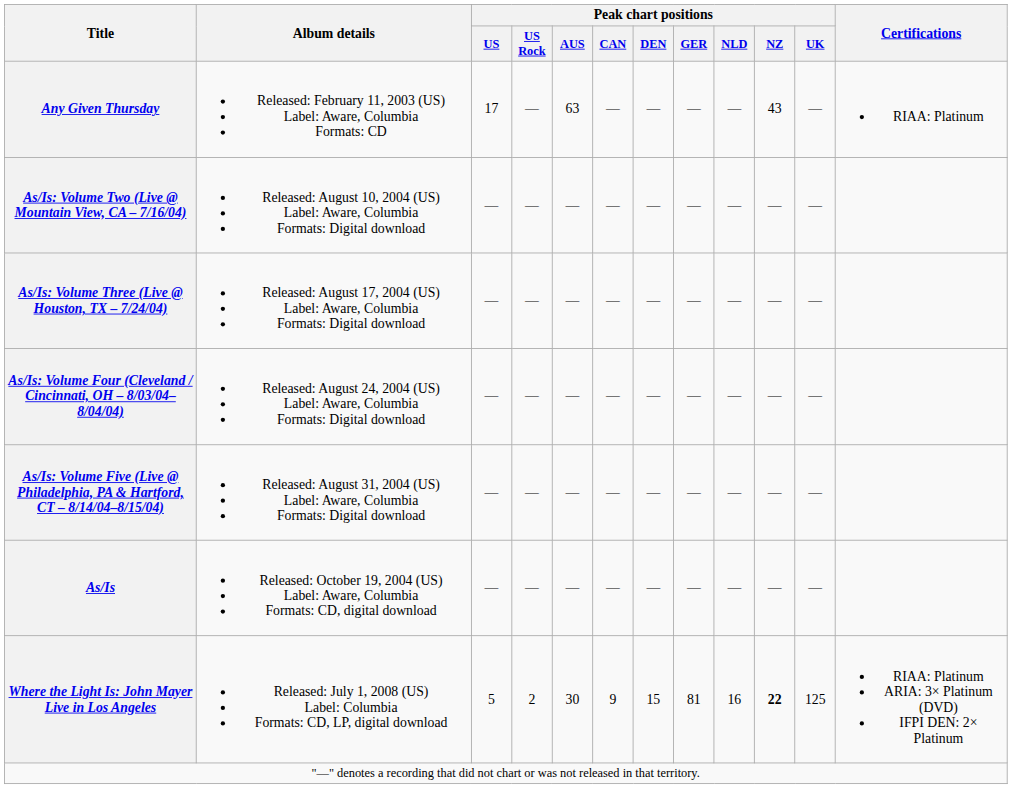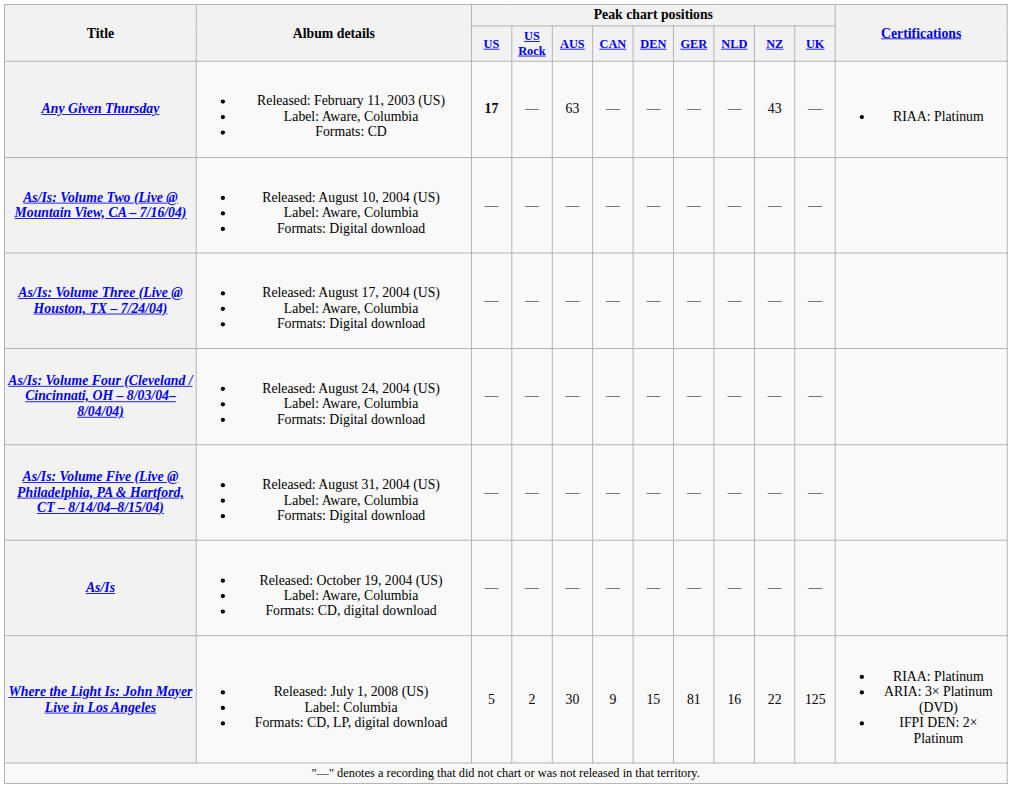 <table class="wikitable plainrowheaders" style="text-align:center;">
 <tr>
 <th scope="col" rowspan="2" style="width:13.5em;">Title</th>
 <th scope="col" rowspan="2" style="width:19.5em;">Album details</th>
 <th scope="col" colspan="9">Peak chart positions</th>
 <th scope="col" rowspan="2" style="width:12em;"><a href='#'>Certifications</a></th>
 </tr>
 <tr>
 <th scope="col" style="width:2.8em;font-size:90%;"><a href='#'>US</a><br></th>
 <th scope="col" style="width:2.8em;font-size:90%;"><a href='#'>US<br>Rock</a><br></th>
 <th scope="col" style="width:2.8em;font-size:90%;"><a href='#'>AUS</a><br></th>
 <th scope="col" style="width:2.8em;font-size:90%;"><a href='#'>CAN</a><br></th>
 <th scope="col" style="width:2.8em;font-size:90%;"><a href='#'>DEN</a><br></th>
 <th scope="col" style="width:2.8em;font-size:90%;"><a href='#'>GER</a><br></th>
 <th scope="col" style="width:2.8em;font-size:90%;"><a href='#'>NLD</a><br></th>
 <th scope="col" style="width:2.8em;font-size:90%;"><a href='#'>NZ</a><br></th>
 <th scope="col" style="width:2.8em;font-size:90%;"><a href='#'>UK</a><br></th>
 </tr>
 <tr>
 <th scope="row"><em><a href='#'>Any Given Thursday</a></em></th>
 <td><br><ul><li>Released: February 11, 2003 <span>(US)</span></li><li>Label: Aware, Columbia</li><li>Formats: CD</li></ul></td>
-<td>17</td>
+<td><strong>17</strong></td>
 <td>—</td>
 <td>63</td>
 <td>—</td>
 <td>—</td>
 <td>—</td>
 <td>—</td>
 <td>43</td>
 <td>—</td>
 <td><br><ul><li>RIAA: Platinum</li></ul></td>
 </tr>
 <tr>
 <th scope="row"><em><a href='#'>As/Is: Volume Two (Live @ Mountain View, CA – 7/16/04)</a></em></th>
 <td><br><ul><li>Released: August 10, 2004 <span>(US)</span></li><li>Label: Aware, Columbia</li><li>Formats: Digital download</li></ul></td>
 <td>—</td>
 <td>—</td>
 <td>—</td>
 <td>—</td>
 <td>—</td>
 <td>—</td>
 <td>—</td>
 <td>—</td>
 <td>—</td>
 <td></td>
 </tr>
 <tr>
 <th scope="row"><em><a href='#'>As/Is: Volume Three (Live @ Houston, TX – 7/24/04)</a></em></th>
 <td><br><ul><li>Released: August 17, 2004 <span>(US)</span></li><li>Label: Aware, Columbia</li><li>Formats: Digital download</li></ul></td>
 <td>—</td>
 <td>—</td>
 <td>—</td>
 <td>—</td>
 <td>—</td>
 <td>—</td>
 <td>—</td>
 <td>—</td>
 <td>—</td>
 <td></td>
 </tr>
 <tr>
 <th scope="row"><em><a href='#'>As/Is: Volume Four (Cleveland / Cincinnati, OH – 8/03/04–8/04/04)</a></em></th>
 <td><br><ul><li>Released: August 24, 2004 <span>(US)</span></li><li>Label: Aware, Columbia</li><li>Formats: Digital download</li></ul></td>
 <td>—</td>
 <td>—</td>
 <td>—</td>
 <td>—</td>
 <td>—</td>
 <td>—</td>
 <td>—</td>
 <td>—</td>
 <td>—</td>
 <td></td>
 </tr>
 <tr>
 <th scope="row"><em><a href='#'>As/Is: Volume Five (Live @ Philadelphia, PA & Hartford, CT – 8/14/04–8/15/04)</a></em></th>
 <td><br><ul><li>Released: August 31, 2004 <span>(US)</span></li><li>Label: Aware, Columbia</li><li>Formats: Digital download</li></ul></td>
 <td>—</td>
 <td>—</td>
 <td>—</td>
 <td>—</td>
 <td>—</td>
 <td>—</td>
 <td>—</td>
 <td>—</td>
 <td>—</td>
 <td></td>
 </tr>
 <tr>
 <th scope="row"><em><a href='#'>As/Is</a></em></th>
 <td><br><ul><li>Released: October 19, 2004 <span>(US)</span></li><li>Label: Aware, Columbia</li><li>Formats: CD, digital download</li></ul></td>
 <td>—</td>
 <td>—</td>
 <td>—</td>
 <td>—</td>
 <td>—</td>
 <td>—</td>
 <td>—</td>
 <td>—</td>
 <td>—</td>
 <td></td>
 </tr>
 <tr>
 <th scope="row"><em><a href='#'>Where the Light Is: John Mayer Live in Los Angeles</a></em></th>
 <td><br><ul><li>Released: July 1, 2008 <span>(US)</span></li><li>Label: Columbia</li><li>Formats: CD, LP, digital download</li></ul></td>
 <td>5</td>
 <td>2</td>
 <td>30</td>
 <td>9</td>
 <td>15</td>
 <td>81</td>
 <td>16</td>
-<td><strong>22</strong></td>
+<td>22</td>
 <td>125</td>
 <td><br><ul><li>RIAA: Platinum</li><li>ARIA: 3× Platinum (DVD)</li><li>IFPI DEN: 2× Platinum</li></ul></td>
 </tr>
 <tr>
 <td colspan="13" style="font-size:90%">"—" denotes a recording that did not chart or was not released in that territory.</td>
 </tr>
 </table>
